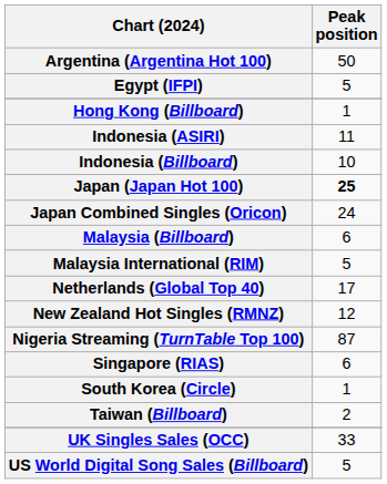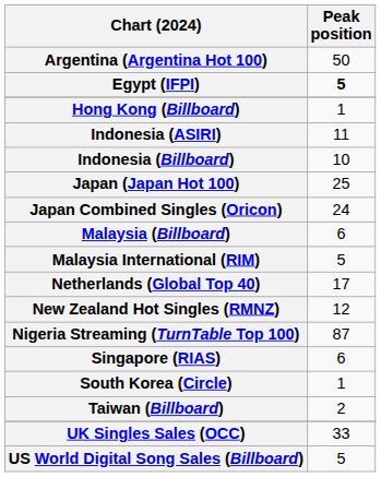 <table class="wikitable plainrowheaders sortable" style="text-align:center">
 <tr>
 <th scope="col">Chart (2024)</th>
 <th scope="col">Peak<br>position</th>
 </tr>
 <tr>
 <th scope="row">Argentina (<a href='#'>Argentina Hot 100</a>)</th>
 <td>50</td>
 </tr>
 <tr>
 <th scope="row">Egypt (<a href='#'>IFPI</a>)</th>
-<td>5</td>
+<td><strong>5</strong></td>
 </tr>
 <tr>
 </tr>
 <tr>
 <th scope="row"><a href='#'>Hong Kong</a> (<em><a href='#'>Billboard</a></em>)</th>
 <td>1</td>
 </tr>
 <tr>
 <th scope="row">Indonesia (<a href='#'>ASIRI</a>)</th>
 <td>11</td>
 </tr>
 <tr>
 <th scope="row">Indonesia (<em><a href='#'>Billboard</a></em>)</th>
 <td>10</td>
 </tr>
 <tr>
 <th scope="row">Japan (<a href='#'>Japan Hot 100</a>)</th>
-<td><strong>25</strong></td>
+<td>25</td>
 </tr>
 <tr>
 <th scope="row">Japan Combined Singles (<a href='#'>Oricon</a>)</th>
 <td>24</td>
 </tr>
 <tr>
 <th scope="row"><a href='#'>Malaysia</a> (<em><a href='#'>Billboard</a></em>)</th>
 <td>6</td>
 </tr>
 <tr>
 <th scope="row">Malaysia International (<a href='#'>RIM</a>)</th>
 <td>5</td>
 </tr>
 <tr>
 <th scope="row">Netherlands (<a href='#'>Global Top 40</a>)</th>
 <td>17</td>
 </tr>
 <tr>
 <th scope="row">New Zealand Hot Singles (<a href='#'>RMNZ</a>)</th>
 <td>12</td>
 </tr>
 <tr>
 <th scope="row">Nigeria Streaming (<a href='#'><em>TurnTable</em> Top 100</a>)</th>
 <td>87</td>
 </tr>
 <tr>
 <th scope="row">Singapore (<a href='#'>RIAS</a>)</th>
 <td>6</td>
 </tr>
 <tr>
 <th scope="row">South Korea (<a href='#'>Circle</a>)</th>
 <td>1</td>
 </tr>
 <tr>
 <th scope="row">Taiwan (<em><a href='#'>Billboard</a></em>)</th>
 <td>2</td>
 </tr>
 <tr>
 </tr>
 <tr>
 <th scope="row"><a href='#'>UK Singles Sales</a> (<a href='#'>OCC</a>)</th>
 <td>33</td>
 </tr>
 <tr>
 <th scope="row">US <a href='#'>World Digital Song Sales</a> (<em><a href='#'>Billboard</a></em>)</th>
 <td>5</td>
 </tr>
 </table>
